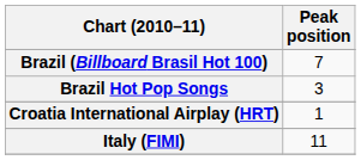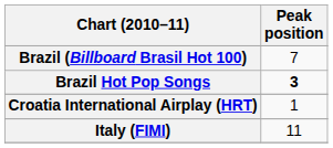 <table class="wikitable sortable plainrowheaders" style="text-align:center;">
 <tr>
 <th scope="col">Chart (2010–11)</th>
 <th scope="col">Peak<br>position</th>
 </tr>
 <tr>
 </tr>
 <tr>
 </tr>
 <tr>
 </tr>
 <tr>
 </tr>
 <tr>
 <th scope="row">Brazil (<a href='#'><em>Billboard</em> Brasil Hot 100</a>)</th>
 <td>7</td>
 </tr>
 <tr>
 <th scope="row">Brazil <a href='#'>Hot Pop Songs</a></th>
-<td>3</td>
+<td><strong>3</strong></td>
 </tr>
 <tr>
 </tr>
 <tr>
 </tr>
 <tr>
 <th scope="row">Croatia International Airplay (<a href='#'>HRT</a>)</th>
 <td>1</td>
 </tr>
 <tr>
 </tr>
 <tr>
 </tr>
 <tr>
 </tr>
 <tr>
 </tr>
 <tr>
 </tr>
 <tr>
 </tr>
 <tr>
 </tr>
 <tr>
 </tr>
 <tr>
 </tr>
 <tr>
 <th scope="row">Italy (<a href='#'>FIMI</a>)</th>
 <td>11</td>
 </tr>
 <tr>
 </tr>
 <tr>
 </tr>
 <tr>
 </tr>
 <tr>
 </tr>
 <tr>
 </tr>
 <tr>
 </tr>
 <tr>
 </tr>
 <tr>
 </tr>
 <tr>
 </tr>
 <tr>
 </tr>
 <tr>
 </tr>
 <tr>
 </tr>
 <tr>
 </tr>
 <tr>
 </tr>
 <tr>
 </tr>
 </table>
